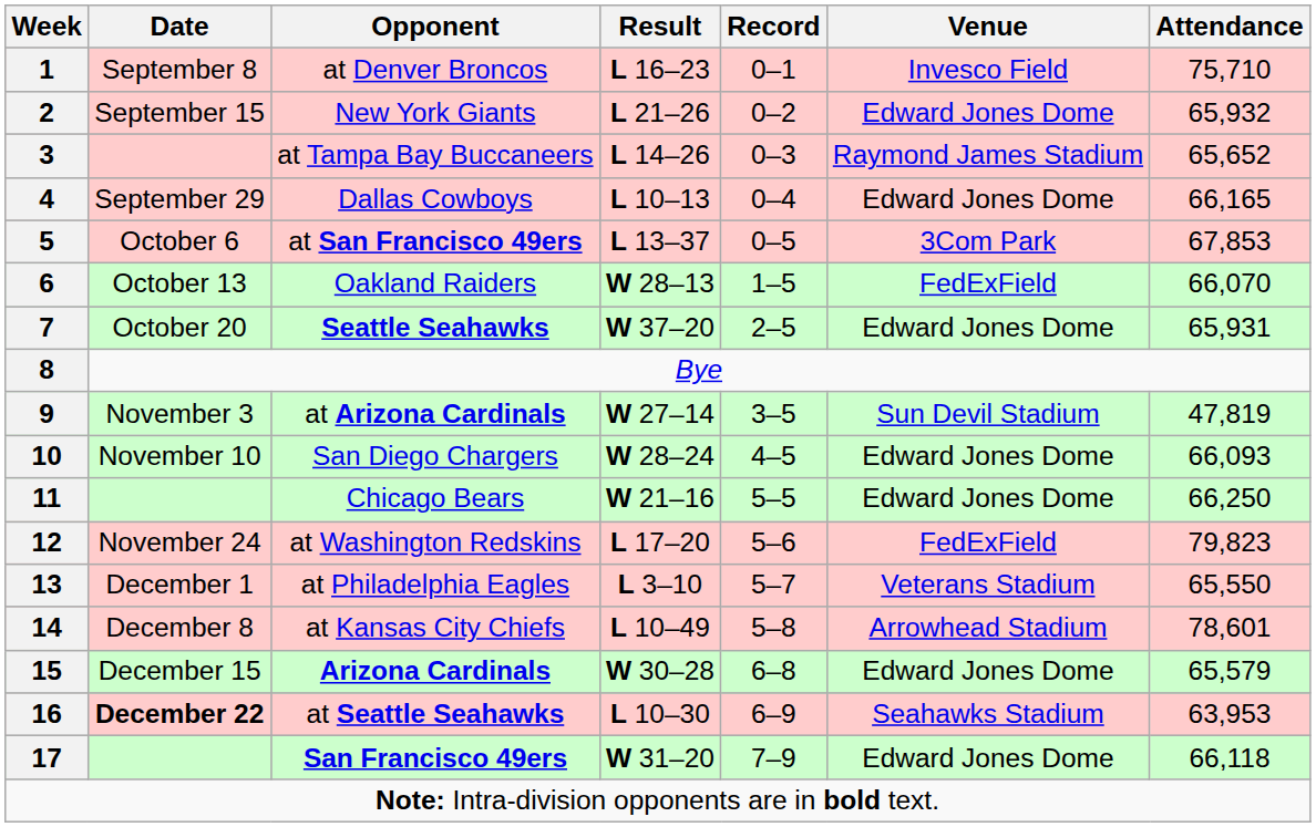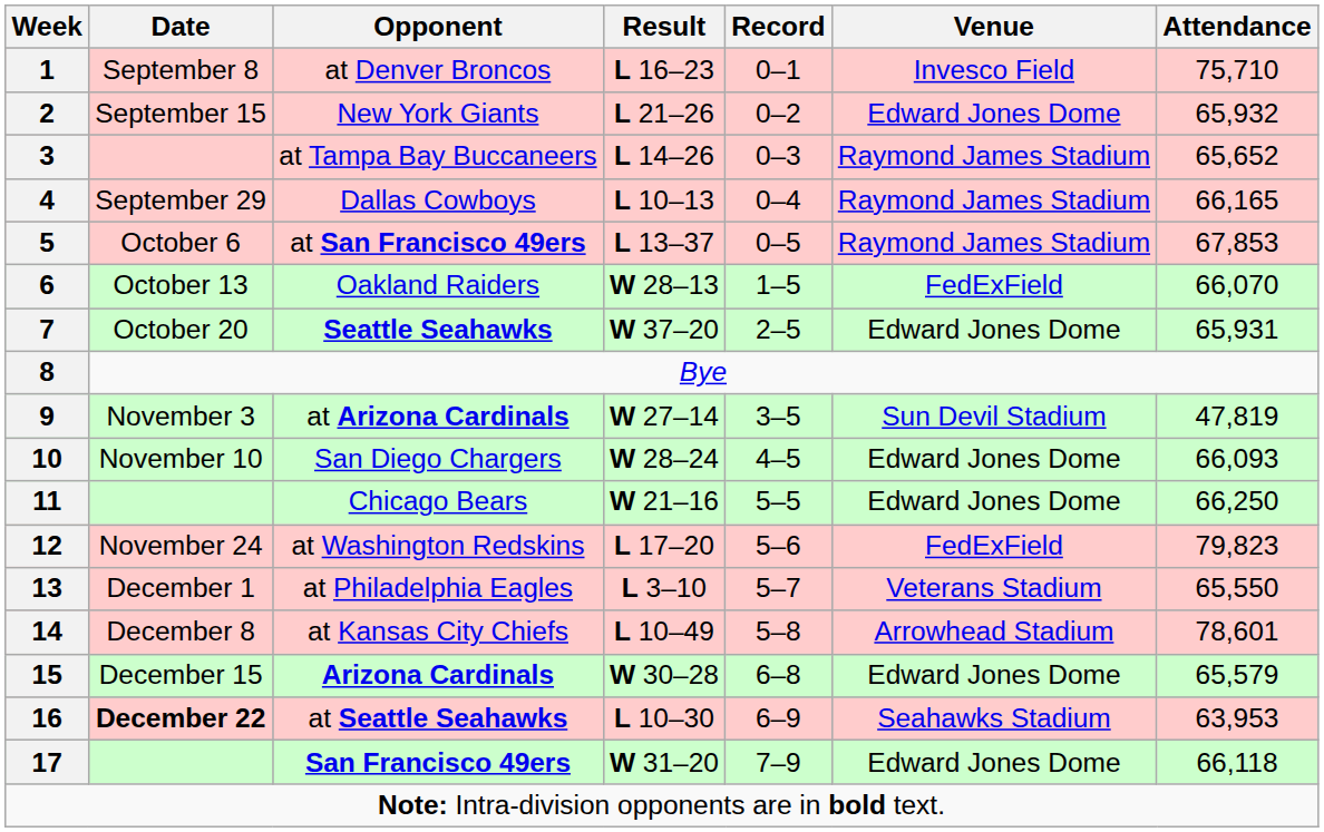 <table class="wikitable" style="text-align:center">
 <tr>
 <th>Week</th>
 <th>Date</th>
 <th>Opponent</th>
 <th>Result</th>
 <th>Record</th>
 <th>Venue</th>
 <th>Attendance</th>
 </tr>
 <tr style="background:#fcc">
 <th>1</th>
 <td>September 8</td>
 <td>at <a href='#'>Denver Broncos</a></td>
 <td><strong>L</strong> 16–23</td>
 <td>0–1</td>
 <td><a href='#'>Invesco Field</a></td>
 <td>75,710</td>
 </tr>
 <tr style="background:#fcc">
 <th>2</th>
 <td>September 15</td>
 <td><a href='#'>New York Giants</a></td>
 <td><strong>L</strong> 21–26</td>
 <td>0–2</td>
 <td><a href='#'>Edward Jones Dome</a></td>
 <td>65,932</td>
 </tr>
 <tr style="background:#fcc">
 <th>3</th>
 <td></td>
 <td>at <a href='#'>Tampa Bay Buccaneers</a></td>
 <td><strong>L</strong> 14–26</td>
 <td>0–3</td>
 <td><a href='#'>Raymond James Stadium</a></td>
 <td>65,652</td>
 </tr>
 <tr style="background:#fcc">
 <th>4</th>
 <td>September 29</td>
 <td><a href='#'>Dallas Cowboys</a></td>
 <td><strong>L</strong> 10–13</td>
 <td>0–4</td>
-<td>Edward Jones Dome</td>
+<td><a href='#'>Raymond James Stadium</a></td>
 <td>66,165</td>
 </tr>
 <tr style="background:#fcc">
 <th>5</th>
 <td>October 6</td>
 <td>at <strong><a href='#'>San Francisco 49ers</a></strong></td>
 <td><strong>L</strong> 13–37</td>
 <td>0–5</td>
-<td><a href='#'>3Com Park</a></td>
+<td><a href='#'>Raymond James Stadium</a></td>
 <td>67,853</td>
 </tr>
 <tr style="background:#cfc">
 <th>6</th>
 <td>October 13</td>
 <td><a href='#'>Oakland Raiders</a></td>
 <td><strong>W</strong> 28–13</td>
 <td>1–5</td>
 <td><a href='#'>FedExField</a></td>
 <td>66,070</td>
 </tr>
 <tr style="background:#cfc">
 <th>7</th>
 <td>October 20</td>
 <td><strong><a href='#'>Seattle Seahawks</a></strong></td>
 <td><strong>W</strong> 37–20</td>
 <td>2–5</td>
 <td>Edward Jones Dome</td>
 <td>65,931</td>
 </tr>
 <tr>
 <th>8</th>
 <td colspan=6><em><a href='#'>Bye</a></em></td>
 </tr>
 <tr style="background:#cfc">
 <th>9</th>
 <td>November 3</td>
 <td>at <strong><a href='#'>Arizona Cardinals</a></strong></td>
 <td><strong>W</strong> 27–14</td>
 <td>3–5</td>
 <td><a href='#'>Sun Devil Stadium</a></td>
 <td>47,819</td>
 </tr>
 <tr style="background:#cfc">
 <th>10</th>
 <td>November 10</td>
 <td><a href='#'>San Diego Chargers</a></td>
 <td><strong>W</strong> 28–24</td>
 <td>4–5</td>
 <td>Edward Jones Dome</td>
 <td>66,093</td>
 </tr>
 <tr style="background:#cfc">
 <th>11</th>
 <td></td>
 <td><a href='#'>Chicago Bears</a></td>
 <td><strong>W</strong> 21–16</td>
 <td>5–5</td>
 <td>Edward Jones Dome</td>
 <td>66,250</td>
 </tr>
 <tr style="background:#fcc">
 <th>12</th>
 <td>November 24</td>
 <td>at <a href='#'>Washington Redskins</a></td>
 <td><strong>L</strong> 17–20</td>
 <td>5–6</td>
 <td><a href='#'>FedExField</a></td>
 <td>79,823</td>
 </tr>
 <tr style="background:#fcc">
 <th>13</th>
 <td>December 1</td>
 <td>at <a href='#'>Philadelphia Eagles</a></td>
 <td><strong>L</strong> 3–10</td>
 <td>5–7</td>
 <td><a href='#'>Veterans Stadium</a></td>
 <td>65,550</td>
 </tr>
 <tr style="background:#fcc">
 <th>14</th>
 <td>December 8</td>
 <td>at <a href='#'>Kansas City Chiefs</a></td>
 <td><strong>L</strong> 10–49</td>
 <td>5–8</td>
 <td><a href='#'>Arrowhead Stadium</a></td>
 <td>78,601</td>
 </tr>
 <tr style="background:#cfc">
 <th>15</th>
 <td>December 15</td>
 <td><strong><a href='#'>Arizona Cardinals</a></strong></td>
 <td><strong>W</strong> 30–28</td>
 <td>6–8</td>
 <td>Edward Jones Dome</td>
 <td>65,579</td>
 </tr>
 <tr style="background:#fcc">
 <th>16</th>
 <td><strong>December 22</strong></td>
 <td>at <strong><a href='#'>Seattle Seahawks</a></strong></td>
 <td><strong>L</strong> 10–30</td>
 <td>6–9</td>
 <td><a href='#'>Seahawks Stadium</a></td>
 <td>63,953</td>
 </tr>
 <tr style="background:#cfc">
 <th>17</th>
 <td></td>
 <td><strong><a href='#'>San Francisco 49ers</a></strong></td>
 <td><strong>W</strong> 31–20</td>
 <td>7–9</td>
 <td>Edward Jones Dome</td>
 <td>66,118</td>
 </tr>
 <tr>
 <td colspan="8"><strong>Note:</strong> Intra-division opponents are in <strong>bold</strong> text.</td>
 </tr>
 </table>
